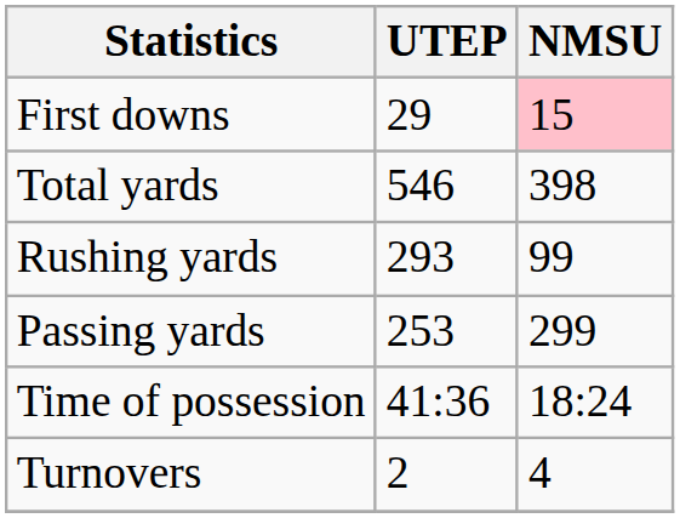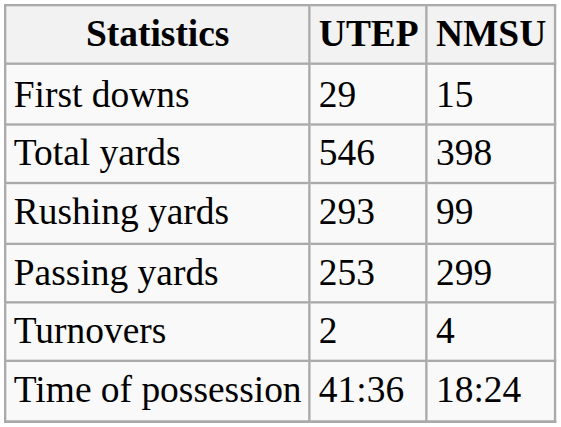 <table class="wikitable">
 <tr>
 <th>Statistics</th>
 <th>UTEP</th>
 <th>NMSU</th>
 </tr>
 <tr>
 <td>First downs</td>
 <td>29</td>
-<td style="background: pink;">15</td>
+<td>15</td>
 </tr>
 <tr>
 <td>Total yards</td>
 <td>546</td>
 <td>398</td>
 </tr>
 <tr>
 <td>Rushing yards</td>
 <td>293</td>
 <td>99</td>
 </tr>
 <tr>
 <td>Passing yards</td>
 <td>253</td>
 <td>299</td>
 </tr>
 <tr>
+<td>Turnovers</td>
+<td>2</td>
+<td>4</td>
+</tr>
+<tr>
 <td>Time of possession</td>
 <td>41:36</td>
 <td>18:24</td>
 </tr>
 <tr>
-<td>Turnovers</td>
-<td>2</td>
-<td>4</td>
-</tr>
-<tr>
 </tr>
 </table>
